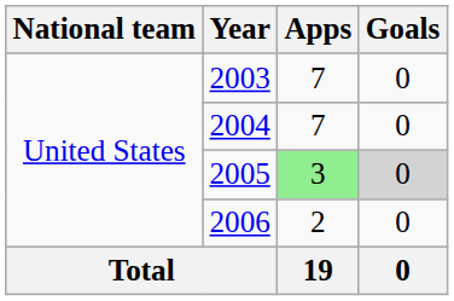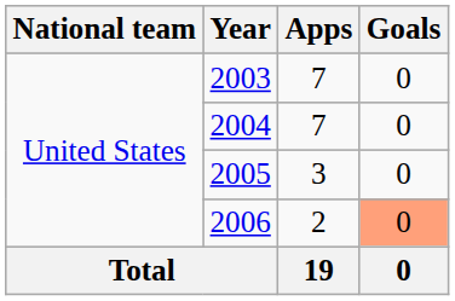 <table class="wikitable" style="text-align:center">
 <tr>
 <th>National team</th>
 <th>Year</th>
 <th>Apps</th>
 <th>Goals</th>
 </tr>
 <tr>
 <td rowspan="4"><a href='#'>United States</a></td>
 <td><a href='#'>2003</a></td>
 <td>7</td>
 <td>0</td>
 </tr>
 <tr>
 <td><a href='#'>2004</a></td>
 <td>7</td>
 <td>0</td>
 </tr>
 <tr>
 <td><a href='#'>2005</a></td>
-<td style="background: lightgreen;">3</td>
-<td style="background: lightgrey;">0</td>
+<td>3</td>
+<td>0</td>
 </tr>
 <tr>
 <td><a href='#'>2006</a></td>
 <td>2</td>
-<td>0</td>
+<td style="background: lightsalmon;">0</td>
 </tr>
 <tr>
 <th colspan="2">Total</th>
 <th>19</th>
 <th>0</th>
 </tr>
 </table>
